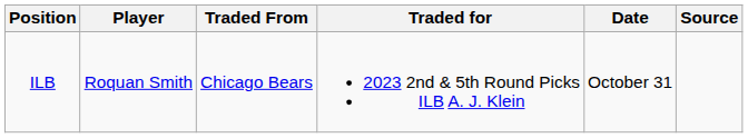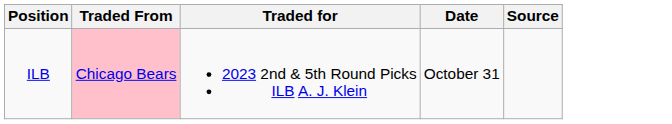 <table class="wikitable sortable" style="text-align:center">
 <tr>
 <th>Position</th>
-<th>Player</th>
 <th>Traded From</th>
 <th>Traded for</th>
 <th>Date</th>
 <th>Source</th>
 </tr>
 <tr>
 <td><a href='#'>ILB</a></td>
-<td><a href='#'>Roquan Smith</a></td>
-<td><a href='#'>Chicago Bears</a></td>
+<td style="background: pink;"><a href='#'>Chicago Bears</a></td>
 <td><br><ul><li><a href='#'>2023</a> 2nd & 5th Round Picks</li><li><a href='#'>ILB</a> <a href='#'>A. J. Klein</a></li></ul></td>
 <td>October 31</td>
 <td></td>
 </tr>
 </table>
